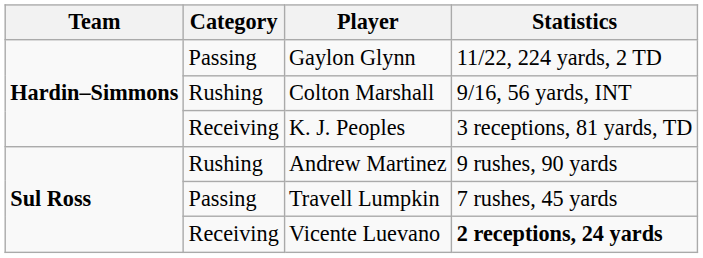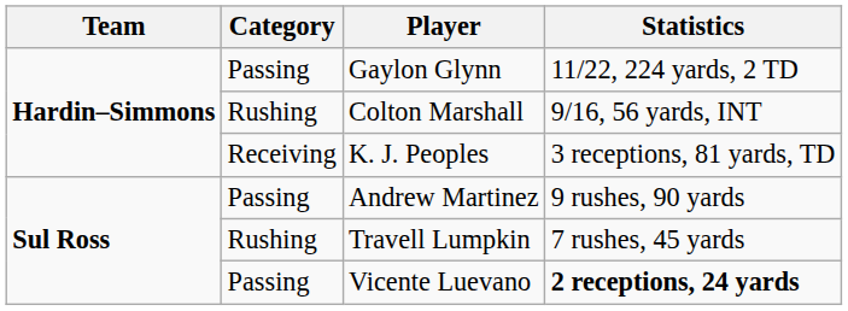 <table class="wikitable" style="float: right;">
 <tr>
 <th>Team</th>
 <th>Category</th>
 <th>Player</th>
 <th>Statistics</th>
 </tr>
 <tr>
 <td rowspan=3><strong>Hardin–Simmons</strong></td>
 <td>Passing</td>
 <td>Gaylon Glynn</td>
 <td>11/22, 224 yards, 2 TD</td>
 </tr>
 <tr>
 <td>Rushing</td>
 <td>Colton Marshall</td>
 <td>9/16, 56 yards, INT</td>
 </tr>
 <tr>
 <td>Receiving</td>
 <td>K. J. Peoples</td>
 <td>3 receptions, 81 yards, TD</td>
 </tr>
 <tr>
 <td rowspan=3><strong>Sul Ross</strong></td>
-<td>Rushing</td>
+<td>Passing</td>
 <td>Andrew Martinez</td>
 <td>9 rushes, 90 yards</td>
 </tr>
 <tr>
-<td>Passing</td>
+<td>Rushing</td>
 <td>Travell Lumpkin</td>
 <td>7 rushes, 45 yards</td>
 </tr>
 <tr>
-<td>Receiving</td>
+<td>Passing</td>
 <td>Vicente Luevano</td>
 <td><strong>2 receptions, 24 yards</strong></td>
 </tr>
 </table>
